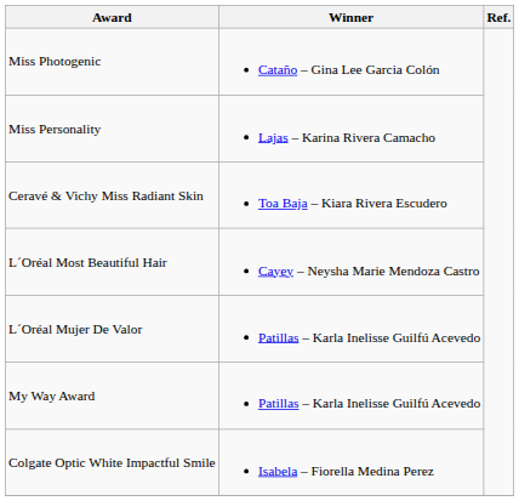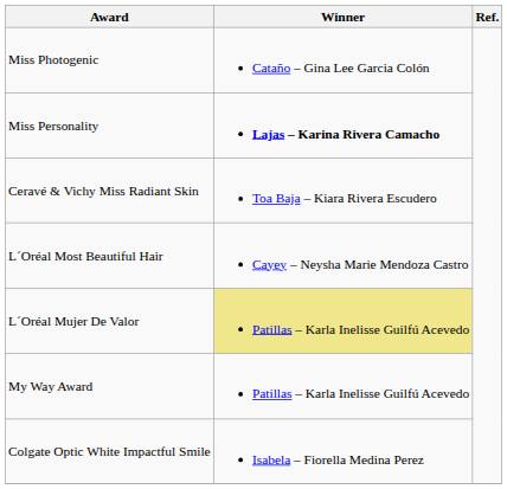 <table class="wikitable sortable" style="font-size: 95%;">
 <tr>
 <th>Award</th>
 <th>Winner</th>
 <th>Ref.</th>
 </tr>
 <tr>
 <td>Miss Photogenic</td>
 <td><br><ul><li><a href='#'>Cataño</a> – Gina Lee Garcia Colón</li></ul></td>
 <td rowspan="7"></td>
 </tr>
 <tr>
 <td>Miss Personality</td>
-<td><br><ul><li><a href='#'>Lajas</a> – Karina Rivera Camacho</li></ul></td>
+<td><strong><br><ul><li><a href='#'>Lajas</a> – Karina Rivera Camacho</li></ul></strong></td>
 </tr>
 <tr>
 <td>Ceravé & Vichy Miss Radiant Skin</td>
 <td><br><ul><li><a href='#'>Toa Baja</a> – Kiara Rivera Escudero</li></ul></td>
 </tr>
 <tr>
 <td>L´Oréal Most Beautiful Hair</td>
 <td><br><ul><li><a href='#'>Cayey</a> – Neysha Marie Mendoza Castro</li></ul></td>
 </tr>
 <tr>
 <td>L´Oréal Mujer De Valor</td>
-<td><br><ul><li><a href='#'>Patillas</a> – Karla Inelisse Guilfú Acevedo</li></ul></td>
+<td style="background: khaki;"><br><ul><li><a href='#'>Patillas</a> – Karla Inelisse Guilfú Acevedo</li></ul></td>
 </tr>
 <tr>
 <td>My Way Award</td>
 <td><br><ul><li><a href='#'>Patillas</a> – Karla Inelisse Guilfú Acevedo</li></ul></td>
 </tr>
 <tr>
 <td>Colgate Optic White Impactful Smile</td>
 <td><br><ul><li><a href='#'>Isabela</a> – Fiorella Medina Perez</li></ul></td>
 </tr>
 <tr>
 </tr>
 </table>
